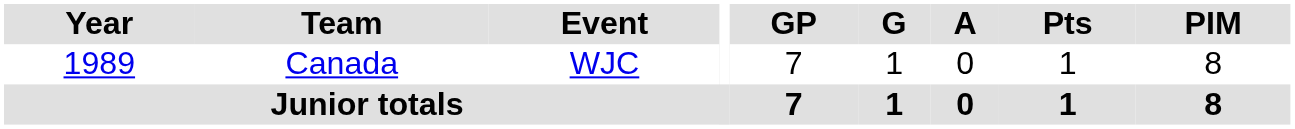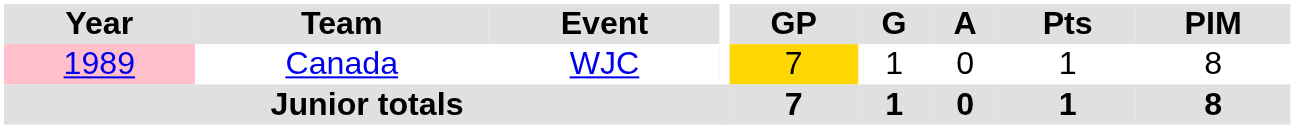 <table border="0" cellpadding="1" cellspacing="0" ID="Table3" style="text-align:center; width:40em">
 <tr bgcolor="#e0e0e0">
 <th>Year</th>
 <th>Team</th>
 <th>Event</th>
 <th rowspan="102" bgcolor="#ffffff"></th>
 <th>GP</th>
 <th>G</th>
 <th>A</th>
 <th>Pts</th>
 <th>PIM</th>
 </tr>
 <tr>
-<td><a href='#'>1989</a></td>
+<td style="background: pink;"><a href='#'>1989</a></td>
 <td><a href='#'>Canada</a></td>
 <td><a href='#'>WJC</a></td>
-<td>7</td>
+<td style="background: gold;">7</td>
 <td>1</td>
 <td>0</td>
 <td>1</td>
 <td>8</td>
 </tr>
 <tr bgcolor="#e0e0e0">
 <th colspan="4">Junior totals</th>
 <th>7</th>
 <th>1</th>
 <th>0</th>
 <th>1</th>
 <th>8</th>
 </tr>
 </table>
